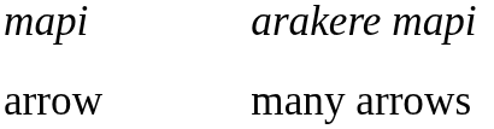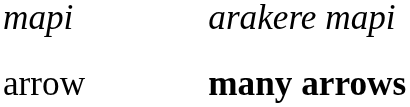 <table border="0" cellspacing="0" cellpadding="6" style="border-collapse:collapse">
 <tr>
 <td>   </td>
 <td><em>mapi </em></td>
 <td>        </td>
 <td><em>arakere mapi</em></td>
 </tr>
 <tr>
 <td></td>
 <td>arrow</td>
 <td></td>
-<td>many arrows</td>
+<td><strong>many arrows</strong></td>
 </tr>
 </table>
